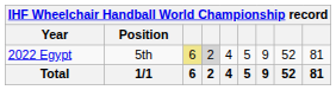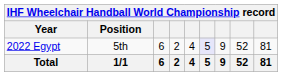 <table class="wikitable" style="text-align: center;">
 <tr>
 <th colspan=10><a href='#'>IHF Wheelchair Handball World Championship</a> record</th>
 </tr>
 <tr>
 <th>Year</th>
 <th>Position</th>
 <th></th>
 <th></th>
 <th></th>
 <th></th>
 <th></th>
 <th></th>
 <th></th>
 </tr>
 <tr>
 <td align=left> <a href='#'>2022 Egypt</a></td>
 <td>5th</td>
-<td style="background: khaki;">6</td>
-<td style="background: lightgrey;">2</td>
+<td>6</td>
+<td>2</td>
 <td>4</td>
-<td>5</td>
+<td style="background: lavender;">5</td>
 <td>9</td>
 <td>52</td>
 <td>81</td>
 </tr>
 <tr>
 <th>Total</th>
 <th>1/1</th>
 <th>6</th>
 <th>2</th>
 <th>4</th>
 <th>5</th>
 <th>9</th>
 <th>52</th>
 <th>81</th>
 </tr>
 </table>
